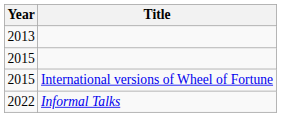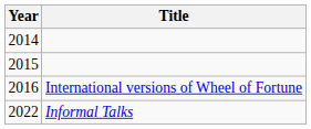 <table class="wikitable sortable">
 <tr>
 <th scope="col">Year</th>
 <th scope="col">Title</th>
 </tr>
 <tr>
-<td>2013</td>
+<td>2014</td>
 <td><em></em></td>
 </tr>
 <tr>
 <td>2015</td>
 <td><em></em></td>
 </tr>
 <tr>
-<td>2015</td>
+<td>2016</td>
 <td><a href='#'>International versions of Wheel of Fortune</a></td>
 </tr>
 <tr>
 <td>2022</td>
 <td><em><a href='#'>Informal Talks</a></em></td>
 </tr>
 </table>
